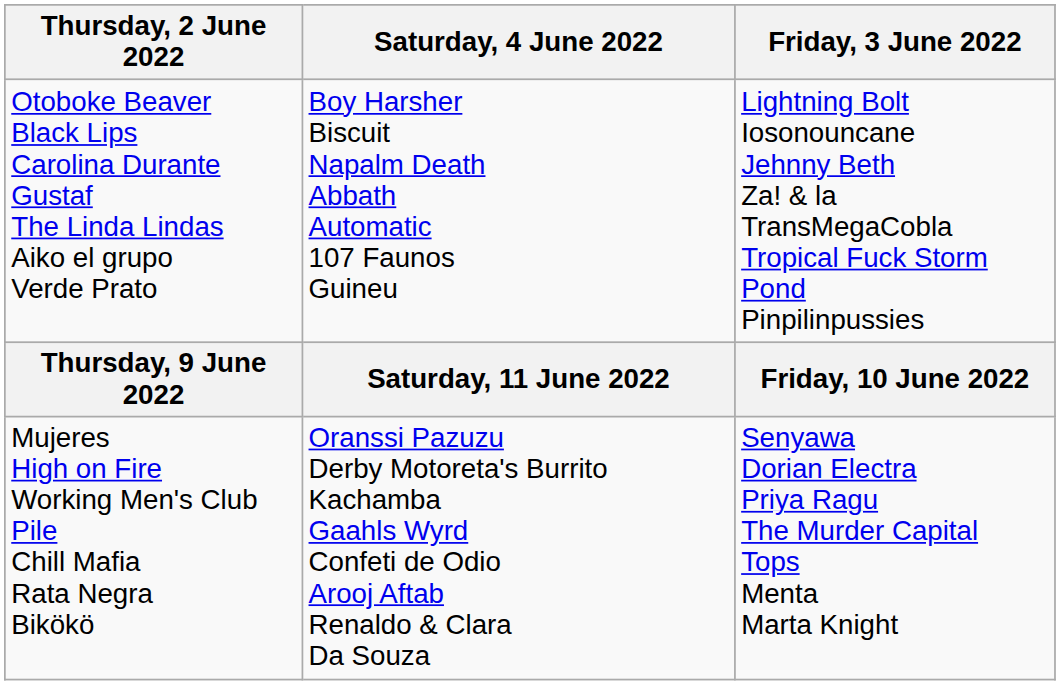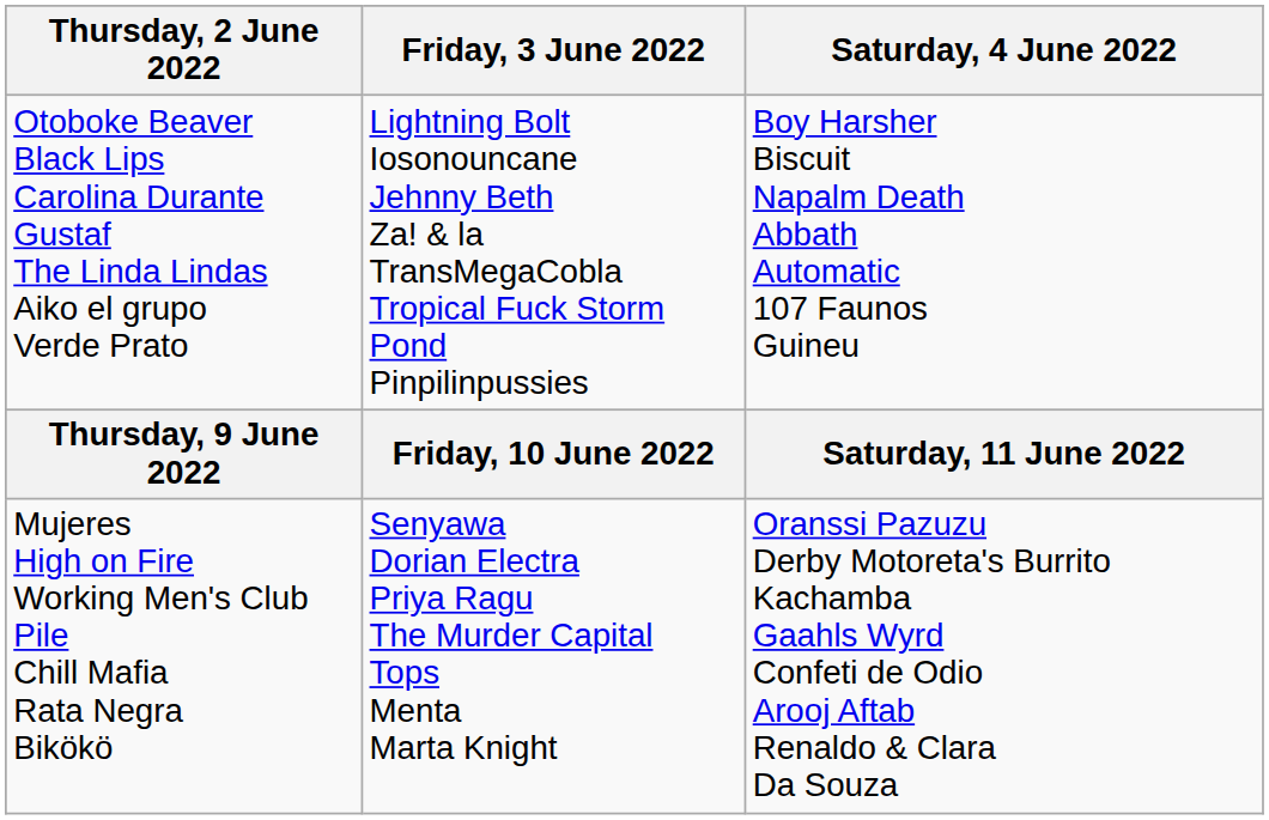 <table class="wikitable">
 <tr>
 <th>Thursday, 2 June 2022</th>
+<th>Friday, 3 June 2022</th>
 <th>Saturday, 4 June 2022</th>
-<th>Friday, 3 June 2022</th>
 </tr>
 <tr valign="top">
 <td><a href='#'>Otoboke Beaver</a><br><a href='#'>Black Lips</a><br><a href='#'>Carolina Durante</a><br><a href='#'>Gustaf</a><br><a href='#'>The Linda Lindas</a><br>Aiko el grupo<br>Verde Prato</td>
+<td><a href='#'>Lightning Bolt</a><br>Iosonouncane<br><a href='#'>Jehnny Beth</a><br>Za! & la TransMegaCobla<br><a href='#'>Tropical Fuck Storm</a><br><a href='#'>Pond</a><br>Pinpilinpussies</td>
 <td><a href='#'>Boy Harsher</a><br>Biscuit<br><a href='#'>Napalm Death</a><br><a href='#'>Abbath</a><br><a href='#'>Automatic</a><br>107 Faunos<br>Guineu</td>
-<td><a href='#'>Lightning Bolt</a><br>Iosonouncane<br><a href='#'>Jehnny Beth</a><br>Za! & la TransMegaCobla<br><a href='#'>Tropical Fuck Storm</a><br><a href='#'>Pond</a><br>Pinpilinpussies</td>
 </tr>
 <tr>
 <th>Thursday, 9 June 2022</th>
+<th>Friday, 10 June 2022</th>
 <th>Saturday, 11 June 2022</th>
-<th>Friday, 10 June 2022</th>
 </tr>
 <tr valign="top">
 <td>Mujeres<br><a href='#'>High on Fire</a><br>Working Men's Club<br><a href='#'>Pile</a><br>Chill Mafia<br>Rata Negra<br>Bikökö</td>
+<td><a href='#'>Senyawa</a><br><a href='#'>Dorian Electra</a><br><a href='#'>Priya Ragu</a><br><a href='#'>The Murder Capital</a><br><a href='#'>Tops</a><br>Menta<br>Marta Knight</td>
 <td><a href='#'>Oranssi Pazuzu</a><br>Derby Motoreta's Burrito Kachamba<br><a href='#'>Gaahls Wyrd</a><br>Confeti de Odio<br><a href='#'>Arooj Aftab</a><br>Renaldo & Clara<br>Da Souza</td>
-<td><a href='#'>Senyawa</a><br><a href='#'>Dorian Electra</a><br><a href='#'>Priya Ragu</a><br><a href='#'>The Murder Capital</a><br><a href='#'>Tops</a><br>Menta<br>Marta Knight</td>
 </tr>
 </table>
